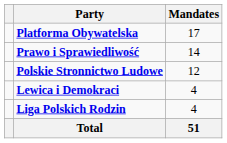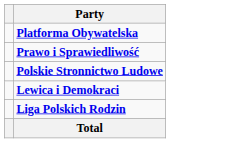 <table class="wikitable">
 <tr>
 <th width=5></th>
 <th>Party</th>
-<th>Mandates</th>
 </tr>
 <tr>
 <td style="background:"></td>
 <td><strong><a href='#'>Platforma Obywatelska</a></strong></td>
-<td align="center">17</td>
 </tr>
 <tr>
 <td style="background:"></td>
 <td><strong><a href='#'>Prawo i Sprawiedliwość</a></strong></td>
-<td align="center">14</td>
 </tr>
 <tr>
 <td style="background:"></td>
 <td><strong><a href='#'>Polskie Stronnictwo Ludowe</a></strong></td>
-<td align="center">12</td>
 </tr>
 <tr>
 <td style="background:"></td>
 <td><strong><a href='#'>Lewica i Demokraci</a></strong></td>
-<td align="center">4</td>
 </tr>
 <tr>
 <td style="background:"></td>
 <td><strong><a href='#'>Liga Polskich Rodzin</a></strong></td>
-<td align="center">4</td>
 </tr>
 <tr bgcolor="#ececec">
 <th></th>
 <th>Total</th>
-<th align="center">51</th>
 </tr>
 </table>
